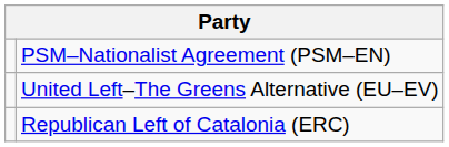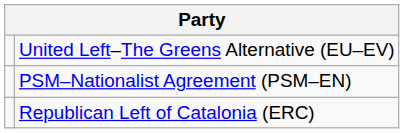 <table class="wikitable" style="text-align:left; font-size:97%;">
 <tr>
 <th colspan="2">Party</th>
+</tr>
+<tr>
+<td></td>
+<td><a href='#'>United Left</a>–<a href='#'>The Greens</a> Alternative (EU–EV)</td>
 </tr>
 <tr>
 <td width="1"></td>
 <td><a href='#'>PSM–Nationalist Agreement</a> (PSM–EN)</td>
 </tr>
 <tr>
 <td></td>
-<td><a href='#'>United Left</a>–<a href='#'>The Greens</a> Alternative (EU–EV)</td>
-</tr>
-<tr>
-<td></td>
 <td><a href='#'>Republican Left of Catalonia</a> (ERC)</td>
 </tr>
 </table>
